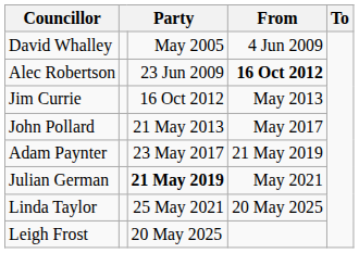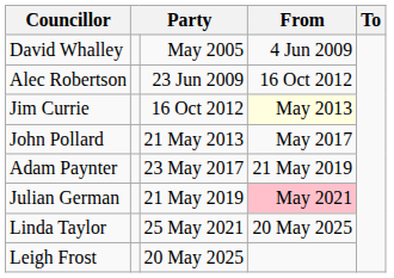 <table class=wikitable>
 <tr>
 <th>Councillor</th>
 <th colspan=2>Party</th>
 <th>From</th>
 <th>To</th>
 </tr>
 <tr>
 <td>David Whalley</td>
 <td></td>
 <td align=right>May 2005</td>
 <td align=right>4 Jun 2009</td>
 </tr>
 <tr>
 <td>Alec Robertson</td>
 <td></td>
 <td align=right>23 Jun 2009</td>
-<td align=right><strong>16 Oct 2012</strong></td>
+<td align=right>16 Oct 2012</td>
 </tr>
 <tr>
 <td>Jim Currie</td>
 <td></td>
 <td align=right>16 Oct 2012</td>
-<td align=right>May 2013</td>
+<td align=right style="background: lightyellow;">May 2013</td>
 </tr>
 <tr>
 <td>John Pollard</td>
 <td></td>
 <td align=right>21 May 2013</td>
 <td align=right>May 2017</td>
 </tr>
 <tr>
 <td>Adam Paynter</td>
 <td></td>
 <td align=right>23 May 2017</td>
 <td align=right>21 May 2019</td>
 </tr>
 <tr>
 <td>Julian German</td>
 <td></td>
-<td align=right><strong>21 May 2019</strong></td>
-<td align=right>May 2021</td>
+<td align=right>21 May 2019</td>
+<td align=right style="background: pink;">May 2021</td>
 </tr>
 <tr>
 <td>Linda Taylor</td>
 <td></td>
 <td align=right>25 May 2021</td>
 <td>20 May 2025</td>
 </tr>
 <tr>
 <td>Leigh Frost</td>
 <td></td>
 <td>20 May 2025</td>
 <td></td>
 </tr>
 </table>
